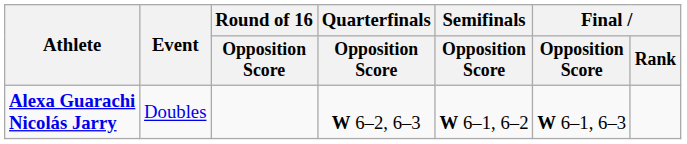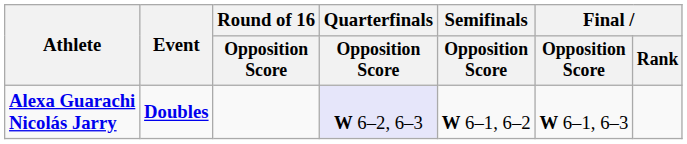 <table class=wikitable style="font-size:90%">
 <tr>
 <th rowspan="2">Athlete</th>
 <th rowspan="2">Event</th>
 <th>Round of 16</th>
 <th>Quarterfinals</th>
 <th>Semifinals</th>
 <th colspan=2>Final / </th>
 </tr>
 <tr style="font-size:95%">
 <th>Opposition<br>Score</th>
 <th>Opposition<br>Score</th>
 <th>Opposition<br>Score</th>
 <th>Opposition<br>Score</th>
 <th>Rank</th>
 </tr>
 <tr align=center>
 <td align=left><strong><a href='#'>Alexa Guarachi</a><br><a href='#'>Nicolás Jarry</a></strong></td>
-<td><a href='#'>Doubles</a></td>
+<td><strong><a href='#'>Doubles</a></strong></td>
 <td></td>
-<td><br><strong>W</strong> 6–2, 6–3</td>
+<td style="background: lavender;"><br><strong>W</strong> 6–2, 6–3</td>
 <td><br><strong>W</strong> 6–1, 6–2</td>
 <td><br><strong>W</strong> 6–1, 6–3</td>
 <td></td>
 </tr>
 </table>
